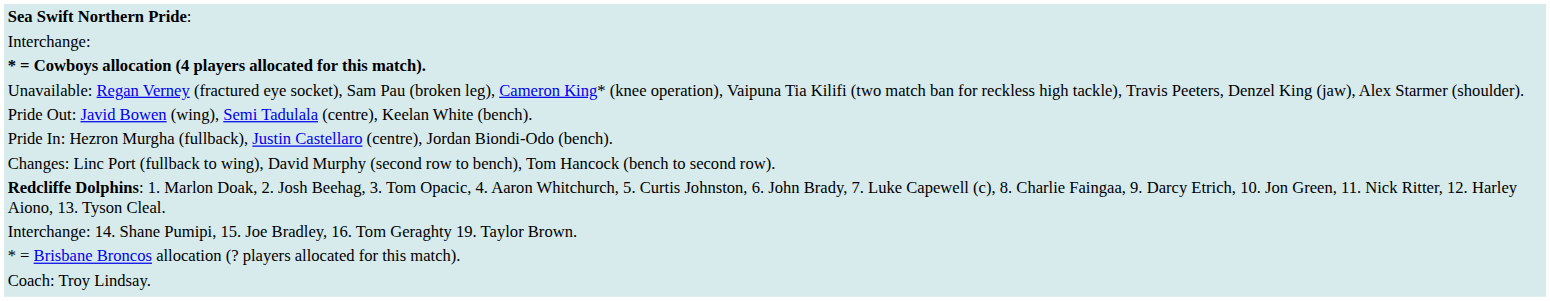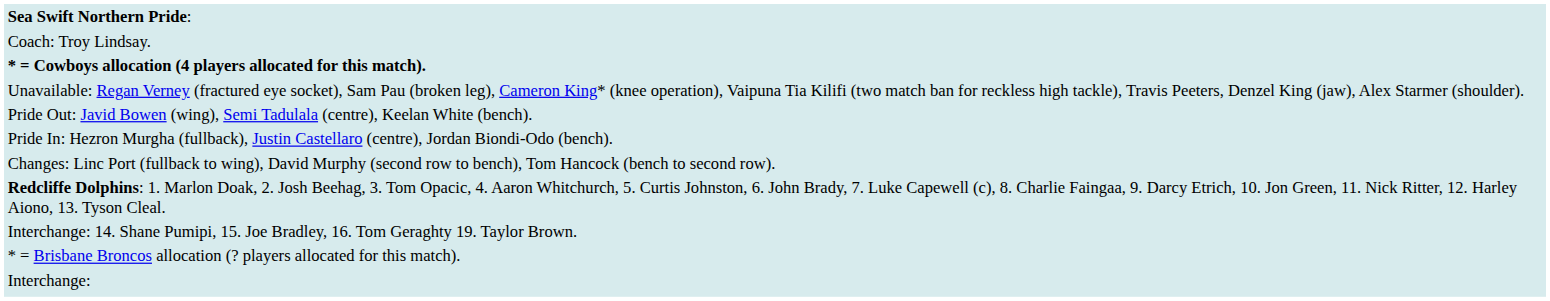 <table style="background:#d7ebed; font-size:85%; width:100%;">
 <tr>
 <td><strong>Sea Swift Northern Pride</strong>:             </td>
 </tr>
 <tr>
-<td>Interchange:    </td>
+<td>Coach: Troy Lindsay.</td>
 </tr>
 <tr>
 <td><strong>* = Cowboys allocation (4 players allocated for this match).</strong></td>
 </tr>
 <tr>
 <td>Unavailable:  <a href='#'>Regan Verney</a> (fractured eye socket), Sam Pau (broken leg), <a href='#'>Cameron King</a>* (knee operation), Vaipuna Tia Kilifi (two match ban for reckless high tackle), Travis Peeters, Denzel King (jaw), Alex Starmer (shoulder).</td>
 </tr>
 <tr>
 <td>Pride Out: <a href='#'>Javid Bowen</a> (wing), <a href='#'>Semi Tadulala</a> (centre), Keelan White (bench).</td>
 </tr>
 <tr>
 <td>Pride In: Hezron Murgha (fullback), <a href='#'>Justin Castellaro</a> (centre), Jordan Biondi-Odo (bench).</td>
 </tr>
 <tr>
 <td>Changes: Linc Port (fullback to wing), David Murphy (second row to bench), Tom Hancock (bench to second row).</td>
 </tr>
 <tr>
 <td><strong>Redcliffe Dolphins</strong>:  1. Marlon Doak, 2. Josh Beehag, 3. Tom Opacic, 4. Aaron Whitchurch, 5. Curtis Johnston, 6. John Brady, 7. Luke Capewell (c), 8. Charlie Faingaa, 9. Darcy Etrich, 10. Jon Green, 11. Nick Ritter, 12. Harley Aiono, 13. Tyson Cleal.</td>
 </tr>
 <tr>
 <td>Interchange: 14. Shane Pumipi, 15. Joe Bradley, 16. Tom Geraghty 19. Taylor Brown.</td>
 </tr>
 <tr>
 <td>* = <a href='#'>Brisbane Broncos</a> allocation (? players allocated for this match).</td>
 </tr>
 <tr>
-<td>Coach: Troy Lindsay.</td>
+<td>Interchange:    </td>
 </tr>
 <tr>
 </tr>
 </table>
